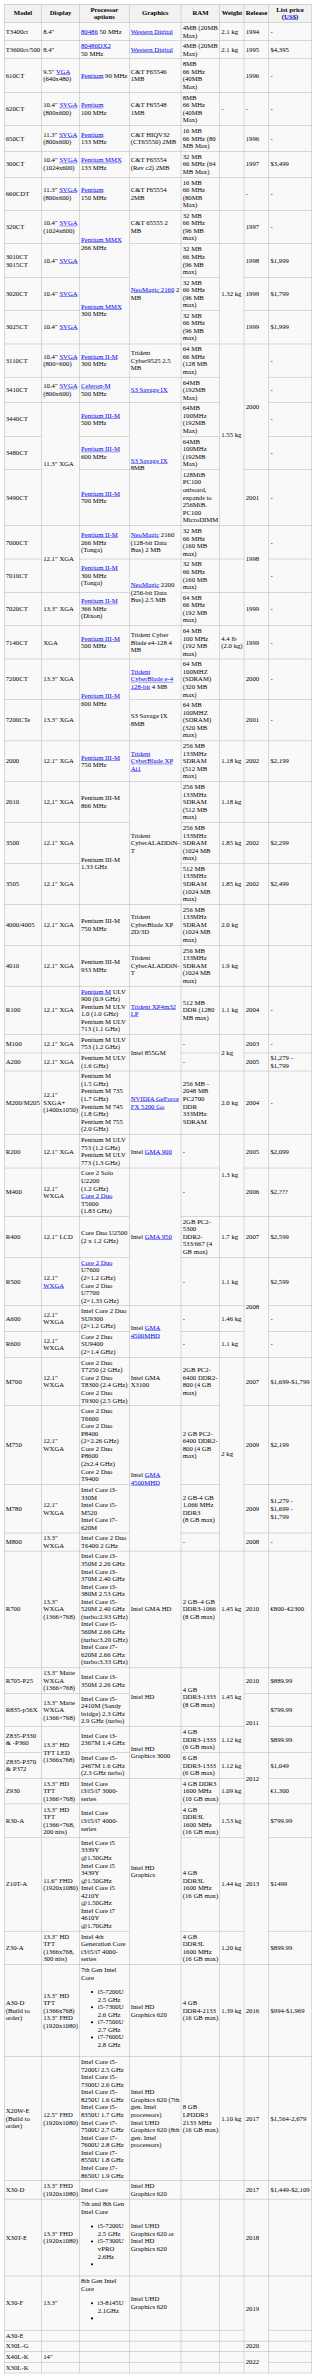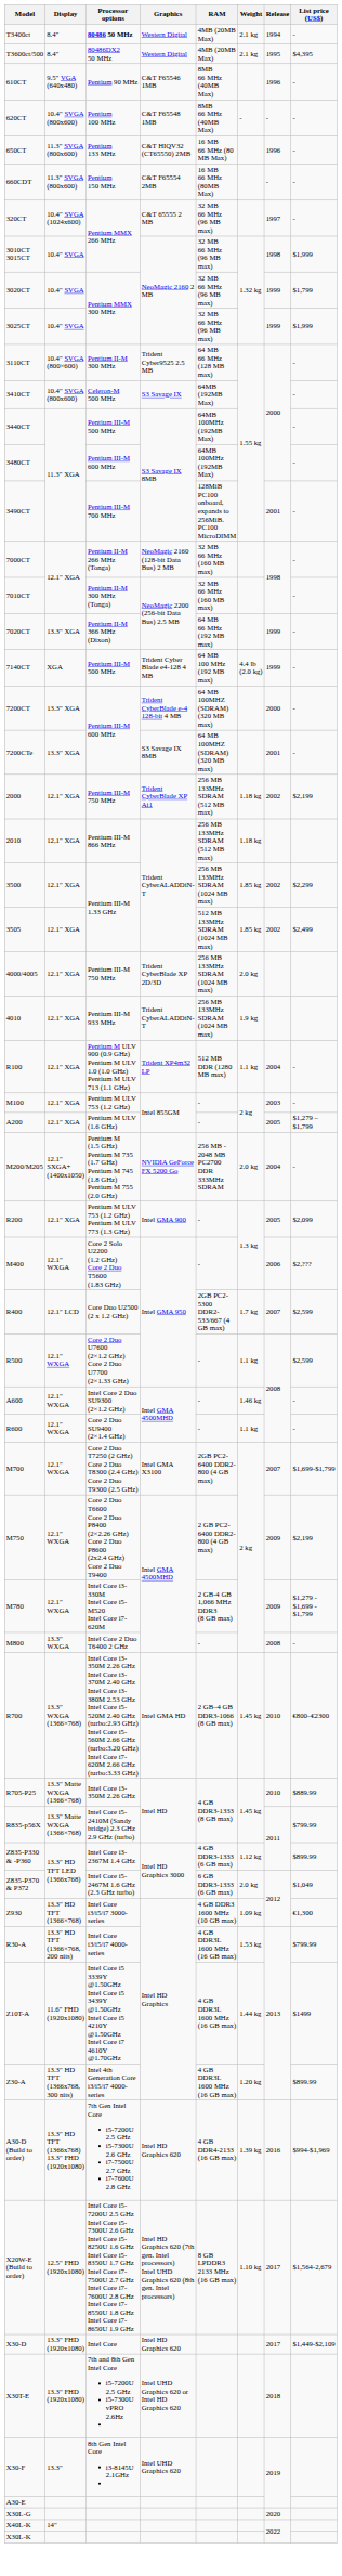 <table class="wikitable sortable">
 <tr>
 <th style="width:100px;">Model</th>
 <th>Display</th>
 <th style="width:200px;">Processor options</th>
 <th>Graphics</th>
 <th>RAM</th>
 <th>Weight</th>
 <th>Release</th>
 <th>List price (<a href='#'>US$</a>)</th>
 </tr>
 <tr>
 <td>T3400ct</td>
 <td>8.4"</td>
-<td><a href='#'>80486</a> 50 MHz</td>
+<td><strong><a href='#'>80486</a> 50 MHz</strong></td>
 <td><a href='#'>Western Digital</a></td>
 <td>4MB (20MB Max)</td>
 <td>2.1 kg</td>
 <td>1994</td>
 <td>-</td>
 </tr>
 <tr>
 <td>T3600ct/500</td>
 <td>8.4"</td>
 <td><a href='#'>80486DX2</a> 50 MHz</td>
 <td><a href='#'>Western Digital</a></td>
 <td>4MB (20MB Max)</td>
 <td>2.1 kg</td>
 <td>1995</td>
 <td>$4,395</td>
 </tr>
 <tr>
 <td>610CT</td>
 <td>9.5" <a href='#'>VGA</a> (640x480)</td>
 <td><a href='#'>Pentium</a> 90 MHz</td>
 <td>C&T F65546 1MB</td>
 <td>8MB 66 MHz (40MB Max)</td>
 <td></td>
 <td>1996</td>
 <td>-</td>
 </tr>
 <tr>
 <td>620CT</td>
 <td>10.4" <a href='#'>SVGA</a> (800x600)</td>
 <td><a href='#'>Pentium</a> 100 MHz</td>
 <td>C&T F65548 1MB</td>
 <td>8MB 66 MHz (40MB Max)</td>
 <td>-</td>
 <td>-</td>
 <td>-</td>
 </tr>
 <tr>
 <td>650CT</td>
 <td>11.3" <a href='#'>SVGA</a> (800x600)</td>
 <td><a href='#'>Pentium</a> 133 MHz</td>
 <td>C&T HIQV32 (CT65550) 2MB</td>
 <td>16 MB 66 MHz (80 MB Max)</td>
 <td></td>
 <td>1996</td>
 <td>-</td>
-</tr>
-<tr>
-<td>300CT</td>
-<td>10.4" <a href='#'>SVGA</a> (1024x600)</td>
-<td><a href='#'>Pentium MMX</a> 133 MHz</td>
-<td>C&T F65554 (Rev c2) 2MB</td>
-<td>32 MB 66 MHz (64 MB Max)</td>
-<td></td>
-<td>1997</td>
-<td>$3,499</td>
 </tr>
 <tr>
 <td>660CDT</td>
 <td>11.3" <a href='#'>SVGA</a> (800x600)</td>
 <td><a href='#'>Pentium</a> 150 MHz</td>
 <td>C&T F65554 2MB</td>
 <td>16 MB 66 MHz (80MB Max)</td>
 <td></td>
 <td>-</td>
 <td>-</td>
 </tr>
 <tr>
 <td>320CT</td>
 <td>10.4" <a href='#'>SVGA</a> (1024x600)</td>
 <td rowspan="2"><a href='#'>Pentium MMX</a> 266 MHz</td>
 <td>C&T 65555 2 MB</td>
 <td>32 MB 66 MHz (96 MB max)</td>
 <td></td>
 <td>1997</td>
 <td>-</td>
 </tr>
 <tr>
 <td>3010CT<br>3015CT</td>
 <td>10.4" <a href='#'>SVGA</a></td>
 <td rowspan="3"><a href='#'>NeoMagic 2160</a> 2 MB</td>
 <td>32 MB 66 MHz (96 MB max)</td>
 <td rowspan="3">1.32 kg</td>
 <td>1998</td>
 <td>$1,999</td>
 </tr>
 <tr>
 <td>3020CT</td>
 <td>10.4" <a href='#'>SVGA</a></td>
 <td rowspan="2"><a href='#'>Pentium MMX</a> 300 MHz</td>
 <td>32 MB 66 MHz (96 MB max)</td>
 <td>1999</td>
 <td>$1,799</td>
 </tr>
 <tr>
 <td>3025CT</td>
 <td>10.4" <a href='#'>SVGA</a></td>
 <td>32 MB 66 MHz (96 MB max)</td>
 <td>1999</td>
 <td>$1,999</td>
 </tr>
 <tr>
 <td>3110CT</td>
 <td>10.4" <a href='#'>SVGA</a> (800×600)</td>
 <td><a href='#'>Pentium II-M</a> 300 MHz</td>
 <td>Trident Cyber9525 2.5 MB</td>
 <td>64 MB 66 MHz (128 MB max)</td>
 <td rowspan="5">1.55 kg</td>
 <td rowspan="4">2000</td>
 <td>-</td>
 </tr>
 <tr>
 <td>3410CT</td>
 <td>10.4" <a href='#'>SVGA</a> (800x600)</td>
 <td><a href='#'>Celeron-M</a> 500 MHz</td>
 <td><a href='#'>S3 Savage IX</a></td>
 <td>64MB (192MB Max)</td>
 <td>-</td>
 </tr>
 <tr>
 <td>3440CT</td>
 <td rowspan="3">11.3" XGA</td>
 <td><a href='#'>Pentium III-M</a> 500 MHz</td>
 <td rowspan="3"><a href='#'>S3 Savage IX</a> 8MB</td>
 <td>64MB 100MHz (192MB Max)</td>
 <td>-</td>
 </tr>
 <tr>
 <td>3480CT</td>
 <td><a href='#'>Pentium III-M</a>  600 MHz</td>
 <td>64MB 100MHz (192MB Max)</td>
 <td>-</td>
 </tr>
 <tr>
 <td>3490CT</td>
 <td><a href='#'>Pentium III-M</a>  700 MHz</td>
 <td>128MiB PC100 onboard, expands to 256MiB. PC100 MicroDIMM</td>
 <td>2001</td>
 <td>-</td>
 </tr>
 <tr>
 <td>7000CT</td>
 <td rowspan="2">12.1" XGA</td>
 <td><a href='#'>Pentium II-M</a>  266 MHz (Tonga)</td>
 <td><a href='#'>NeoMagic</a> 2160 (128-bit Data Bus) 2 MB</td>
 <td>32 MB 66 MHz (160 MB max)</td>
 <td></td>
 <td rowspan="2">1998</td>
 <td>-</td>
 </tr>
 <tr>
 <td>7010CT</td>
 <td><a href='#'>Pentium II-M</a> 300 MHz (Tonga)</td>
 <td rowspan="2"><a href='#'>NeoMagic</a> 2200 (256-bit Data Bus) 2.5 MB</td>
 <td>32 MB 66 MHz (160 MB max)</td>
 <td></td>
 <td>-</td>
 </tr>
 <tr>
 <td>7020CT</td>
 <td>13.3" XGA</td>
 <td><a href='#'>Pentium II-M</a> 366 MHz (Dixon)</td>
 <td>64 MB 66 MHz (192 MB max)</td>
 <td></td>
 <td>1999</td>
 <td>-</td>
 </tr>
 <tr>
 <td>7140CT</td>
 <td> XGA</td>
 <td><a href='#'>Pentium III-M</a> 500 MHz</td>
 <td>Trident Cyber Blade e4-128 4 MB</td>
 <td>64 MB 100 MHz (192 MB max)</td>
 <td>4.4 lb<br>(2.0 kg)</td>
 <td>1999</td>
 <td>-</td>
 </tr>
 <tr>
 <td>7200CT</td>
 <td>13.3" XGA</td>
 <td rowspan="2"><a href='#'>Pentium III-M</a> 600 MHz</td>
 <td><a href='#'>Trident CyberBlade e-4 128-bit</a> 4 MB</td>
 <td>64 MB 100MHZ (SDRAM)(320 MB max)</td>
 <td></td>
 <td>2000</td>
 <td>-</td>
 </tr>
 <tr>
 <td>7200CTe</td>
 <td>13.3" XGA</td>
 <td>S3 Savage IX 8MB</td>
 <td>64 MB 100MHZ (SDRAM)(320 MB max)</td>
 <td></td>
 <td>2001</td>
 <td>-</td>
 </tr>
 <tr>
 <td>2000</td>
 <td>12.1" XGA</td>
 <td><a href='#'>Pentium III-M</a> 750 MHz</td>
 <td><a href='#'>Trident CyberBlade XP Ai1</a></td>
 <td>256 MB 133MHz SDRAM (512 MB max)</td>
 <td>1.18 kg</td>
 <td>2002</td>
 <td>$2,199</td>
 </tr>
 <tr>
 <td>2010</td>
 <td>12,1" XGA</td>
 <td>Pentium III-M 866 MHz</td>
 <td rowspan="3">Trident CyberALADDiN-T</td>
 <td>256 MB 133MHz SDRAM (512 MB max)</td>
 <td>1.18 kg</td>
 <td></td>
 <td></td>
 </tr>
 <tr>
 <td>3500</td>
 <td>12.1" XGA</td>
 <td rowspan="2">Pentium III-M 1.33 GHz</td>
 <td>256 MB 133MHz SDRAM (1024 MB max)</td>
 <td>1.85 kg</td>
 <td>2002</td>
 <td>$2,299</td>
 </tr>
 <tr>
 <td>3505</td>
 <td>12.1" XGA</td>
 <td>512 MB 133MHz SDRAM (1024 MB max)</td>
 <td>1.85 kg</td>
 <td>2002</td>
 <td>$2,499</td>
 </tr>
 <tr>
 <td>4000/4005</td>
 <td>12.1" XGA</td>
 <td>Pentium III-M 750 MHz</td>
 <td>Trident CyberBlade XP 2D/3D</td>
 <td>256 MB 133MHz SDRAM (1024 MB max)</td>
 <td>2.0 kg</td>
 <td></td>
 <td></td>
 </tr>
 <tr>
 <td>4010</td>
 <td>12.1" XGA</td>
 <td>Pentium III-M 933 MHz</td>
 <td>Trident CyberALADDiN-T</td>
 <td>256 MB 133MHz SDRAM (1024 MB max)</td>
 <td>1.9 kg</td>
 <td></td>
 <td></td>
 </tr>
 <tr>
 <td>R100</td>
 <td>12.1" XGA</td>
 <td><a href='#'>Pentium M</a> ULV 900 (0.9 GHz)<br>Pentium M ULV 1.0 (1.0 GHz)<br>Pentium M ULV 713 (1.1 GHz)</td>
 <td><a href='#'>Trident XP4m32 LP</a></td>
 <td>512 MB DDR (1280 MB max)</td>
 <td>1.1 kg</td>
 <td>2004</td>
 <td>-</td>
 </tr>
 <tr>
 <td>M100</td>
 <td>12.1" XGA</td>
 <td>Pentium M ULV 753 (1.2 GHz)</td>
 <td rowspan="2">Intel 855GM</td>
 <td>-</td>
 <td rowspan="2">2 kg</td>
 <td>2003</td>
 <td>-</td>
 </tr>
 <tr>
 <td>A200</td>
 <td>12.1" XGA</td>
 <td>Pentium M ULV (1.6 GHz)</td>
 <td>-</td>
 <td>2005</td>
 <td>$1,279 – $1,799</td>
 </tr>
 <tr>
 <td>M200/M205</td>
 <td>12.1" SXGA+ (1400x1050)</td>
 <td>Pentium M (1.5 GHz)<br>Pentium M 735 (1.7 GHz)<br>Pentium M 745 (1.8 GHz)<br>Pentium M 755 (2.0 GHz)</td>
 <td><a href='#'>NVIDIA GeForce FX 5200 Go</a></td>
 <td>256 MB - 2048 MB PC2700 DDR 333MHz SDRAM</td>
 <td>2.0 kg</td>
 <td>2004</td>
 <td>-</td>
 </tr>
 <tr>
 <td>R200</td>
 <td>12.1" XGA</td>
 <td>Pentium M ULV 753 (1.2 GHz)<br>Pentium M ULV 773 (1.3 GHz)</td>
 <td>Intel <a href='#'>GMA 900</a></td>
 <td>-</td>
 <td rowspan="2">1.3 kg</td>
 <td>2005</td>
 <td>$2,099</td>
 </tr>
 <tr>
 <td>M400</td>
 <td>12.1" WXGA</td>
 <td>Core 2 Solo U2200 (1.2 GHz)<br><a href='#'>Core 2 Duo</a> T5600 (1.83 GHz)</td>
 <td rowspan="3">Intel <a href='#'>GMA 950</a></td>
 <td>-</td>
 <td>2006</td>
 <td>$2,???</td>
 </tr>
 <tr>
 <td>R400</td>
 <td>12.1" LCD</td>
 <td>Core Duo U2500 (2 x 1.2 GHz)</td>
 <td>2GB PC2-5300<br>DDR2-533/667  (4 GB max)</td>
 <td>1.7 kg</td>
 <td>2007</td>
 <td>$2,599</td>
 </tr>
 <tr>
 <td>R500</td>
 <td>12.1" <a href='#'>WXGA</a></td>
 <td><a href='#'>Core 2 Duo</a> U7600 (2×1.2 GHz)<br>Core 2 Duo U7700 (2×1.33 GHz)</td>
 <td>-</td>
 <td>1.1 kg</td>
 <td rowspan="3">2008</td>
 <td>$2,599</td>
 </tr>
 <tr>
 <td>A600</td>
 <td>12.1" WXGA</td>
 <td>Intel Core 2 Duo SU9300 (2×1.2 GHz)</td>
 <td rowspan="2">Intel <a href='#'>GMA 4500MHD</a></td>
 <td>-</td>
 <td>1.46 kg</td>
 <td>-</td>
 </tr>
 <tr>
 <td>R600</td>
 <td>12.1" WXGA</td>
 <td>Core 2 Duo SU9400 (2×1.4 GHz)</td>
 <td>-</td>
 <td>1.1 kg</td>
 <td>-</td>
 </tr>
 <tr>
 <td>M700</td>
 <td>12.1" WXGA</td>
 <td>Core 2 Duo T7250 (2 GHz)<br>Core 2 Duo T8300 (2.4 GHz)<br>Core 2 Duo T9300 (2.5 GHz)</td>
 <td>Intel GMA X3100</td>
 <td>2GB PC2-6400 DDR2-800 (4 GB max)</td>
 <td rowspan="4">2 kg</td>
 <td>2007</td>
 <td>$1,699-$1,799</td>
 </tr>
 <tr>
 <td>M750<br></td>
 <td>12.1" WXGA</td>
 <td>Core 2 Duo T6600<br>Core 2 Duo P8400 (2×2.26 GHz)<br>Core 2 Duo P8600 (2x2.4 GHz)<br>Core 2 Duo T9400</td>
 <td rowspan="3">Intel <a href='#'>GMA 4500MHD</a></td>
 <td>2 GB PC2-6400 DDR2-800 (4 GB max)</td>
 <td>2009</td>
 <td>$2,199</td>
 </tr>
 <tr>
 <td>M780<br></td>
 <td>12.1" WXGA</td>
 <td>Intel Core i3-330M<br>Intel Core i5-M520<br>Intel Core i7-620M</td>
 <td>2 GB-4 GB 1,066 MHz DDR3 (8 GB max)</td>
 <td>2009</td>
 <td>$1,279  - $1,699 - $1,799</td>
 </tr>
 <tr>
 <td>M800</td>
 <td>13.3" WXGA</td>
 <td>Intel Core 2 Duo T6400 2 GHz</td>
 <td>-</td>
 <td>2008</td>
 <td>-</td>
 </tr>
 <tr>
 <td>R700</td>
 <td>13.3" WXGA (1366×768)</td>
 <td>Intel Core i3-350M 2.26 GHz<br>Intel Core i3-370M 2.40 GHz<br>Intel Core i3-380M 2.53 GHz<br>Intel Core i5-520M 2.40 GHz (turbo:2.93 GHz)<br>Intel Core i5-560M 2.66 GHz (turbo:3.20 GHz)<br>Intel Core i7-620M 2.66 GHz (turbo:3.33 GHz)</td>
 <td>Intel GMA HD</td>
 <td>2 GB–4 GB DDR3-1066 (8 GB max)</td>
 <td>1.45 kg</td>
 <td>2010</td>
 <td>€800–€2300</td>
 </tr>
 <tr>
 <td>R705-P25</td>
 <td>13.3" Matte WXGA (1366×768)</td>
 <td>Intel Core i3-350M 2.26 GHz</td>
 <td rowspan="2">Intel HD</td>
 <td rowspan="2">4 GB DDR3-1333 (8 GB max)</td>
 <td rowspan="2">1.45 kg</td>
 <td>2010</td>
 <td>$889.99</td>
 </tr>
 <tr>
 <td>R835-p56X</td>
 <td>13.3" Matte WXGA (1366×768)</td>
 <td>Intel Core i5-2410M (Sandy bridge) 2.3 GHz 2.9 GHz (turbo)</td>
 <td rowspan="2">2011</td>
 <td>$799.99</td>
 </tr>
 <tr>
 <td>Z835-P330 & -P360</td>
 <td rowspan="2">13.3" HD TFT LED (1366x768)</td>
 <td>Intel Core i3-2367M 1.4 GHz</td>
 <td rowspan="2">Intel HD Graphics 3000</td>
 <td>4 GB DDR3-1333 (6 GB max)</td>
 <td>1.12 kg</td>
 <td>$899.99</td>
 </tr>
 <tr>
 <td>Z835-P370 & P372</td>
 <td>Intel Core i5-2467M 1.6 GHz (2.3 GHz turbo)</td>
 <td>6 GB DDR3-1333 (6 GB max)</td>
-<td>1.12 kg</td>
+<td>2.0 kg</td>
 <td rowspan="2">2012</td>
 <td>$1,049</td>
 </tr>
 <tr>
 <td>Z930</td>
 <td>13.3" HD TFT (1366×768)</td>
 <td>Intel Core i3/i5/i7 3000-series</td>
 <td rowspan="4">Intel HD Graphics</td>
 <td>4 GB DDR3 1600 MHz (10 GB max)</td>
 <td>1.09 kg</td>
 <td>€1,300</td>
 </tr>
 <tr>
 <td>R30-A</td>
 <td>13.3" HD TFT (1366×768, 200 nits)</td>
 <td>Intel Core i3/i5/i7 4000-series</td>
 <td>4 GB DDR3L 1600 MHz (16 GB max)</td>
 <td>1.53 kg</td>
 <td rowspan="3">2013</td>
 <td>$799.99</td>
 </tr>
 <tr>
 <td>Z10T-A</td>
 <td>11.6" FHD<br>(1920x1080)</td>
 <td>Intel Core i5 3339Y @1.50GHz<br>Intel Core i5 3439Y @1.50GHz<br>Intel Core i5 4210Y @1.50GHz<br>Intel Core i7 4610Y @1.70GHz</td>
 <td>4 GB<br>DDR3L 1600 MHz (16 GB max)</td>
 <td>1.44 kg</td>
 <td>$1499</td>
 </tr>
 <tr>
 <td>Z30-A</td>
 <td>13.3" HD TFT (1366x768, 300 nits)</td>
 <td>Intel 4th Generation Core i3/i5/i7 4000-series</td>
 <td>4 GB DDR3L 1600 MHz (16 GB max)</td>
 <td>1.20 kg</td>
 <td>$899.99</td>
 </tr>
 <tr>
 <td>A30-D (Build to order)</td>
 <td>13.3" HD TFT (1366x768)<br>13.3" FHD (1920x1080)</td>
 <td>7th Gen Intel Core<br><ul><li>i5-7200U 2.5 GHz</li><li>i5-7300U 2.6 GHz</li><li>i7-7500U 2.7 GHz</li><li>i7-7600U 2.8 GHz</li></ul></td>
 <td>Intel HD Graphics 620</td>
 <td>4 GB DDR4-2133 (16 GB max)</td>
 <td>1.39 kg</td>
 <td>2016</td>
 <td>$994-$1,969</td>
 </tr>
 <tr>
 <td>X20W-E (Build to order)</td>
 <td>12.5" FHD (1920x1080)</td>
 <td>Intel Core i5-7200U 2.5 GHz<br>Intel Core i5-7300U 2.6 GHz<br>Intel Core i5-8250U 1.6 GHz<br>Intel Core i5-8350U 1.7 GHz<br>Intel Core i7-7500U 2.7 GHz<br>Intel Core i7-7600U 2.8 GHz<br>Intel Core i7-8550U 1.8 GHz<br>Intel Core i7-8650U 1.9 GHz</td>
 <td>Intel HD Graphics 620 (7th gen. Intel processors)<br>Intel UHD Graphics 620 (8th gen. Intel processors)</td>
 <td>8 GB LPDDR3 2133 MHz (16 GB max)</td>
 <td>1.10 kg</td>
 <td>2017</td>
 <td>$1,564-2,679</td>
 </tr>
 <tr>
 <td>X30-D</td>
 <td>13.3" FHD (1920x1080)</td>
 <td>Intel Core</td>
 <td>Intel HD Graphics 620</td>
 <td></td>
 <td></td>
 <td>2017</td>
 <td>$1,449-$2,109</td>
 </tr>
 <tr>
 <td>X30T-E</td>
 <td>13.3" FHD (1920x1080)</td>
 <td>7th and 8th Gen Intel Core<br><ul><li>i5-7200U 2.5 GHz</li><li>i5-7300U vPRO 2.6Hz</li><li></li></ul></td>
 <td>Intel UHD Graphics 620 or Intel HD Graphics 620</td>
 <td></td>
 <td></td>
 <td>2018</td>
 <td></td>
 </tr>
 <tr>
 <td>X30-F</td>
 <td>13.3"</td>
 <td>8th Gen Intel Core<br><ul><li>i3-8145U 2.1GHz</li><li></li></ul></td>
 <td>Intel UHD Graphics 620</td>
 <td></td>
 <td></td>
 <td rowspan="2">2019</td>
 <td></td>
 </tr>
 <tr>
 <td>A30-E</td>
 <td></td>
 <td></td>
 <td></td>
 <td></td>
 <td></td>
 <td></td>
 </tr>
 <tr>
 <td>X30L-G</td>
 <td></td>
 <td></td>
 <td></td>
 <td></td>
 <td></td>
 <td>2020</td>
 <td></td>
 </tr>
 <tr>
 <td>X40L-K</td>
 <td>14"</td>
 <td></td>
 <td></td>
 <td></td>
 <td></td>
 <td rowspan="2">2022</td>
 <td></td>
 </tr>
 <tr>
 <td>X30L-K</td>
 <td></td>
 <td></td>
 <td></td>
 <td></td>
 <td></td>
 <td></td>
 </tr>
 </table>
